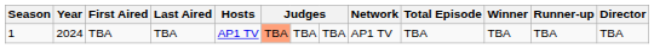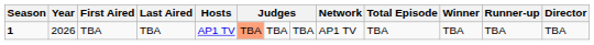 <table class="wikitable">
 <tr>
 <th>Season</th>
 <th>Year</th>
 <th>First Aired</th>
 <th>Last Aired</th>
 <th>Hosts</th>
 <th colspan="3">Judges</th>
 <th>Network</th>
 <th>Total Episode</th>
 <th>Winner</th>
 <th>Runner-up</th>
 <th>Director</th>
 </tr>
 <tr>
-<td>1</td>
-<td>2024</td>
+<td><strong>1</strong></td>
+<td>2026</td>
 <td>TBA</td>
 <td>TBA</td>
 <td><a href='#'>AP1 TV</a></td>
 <td style="background: lightsalmon;">TBA</td>
 <td>TBA</td>
 <td>TBA</td>
 <td>AP1 TV</td>
 <td>TBA</td>
 <td>TBA</td>
 <td>TBA</td>
 <td>TBA</td>
 </tr>
 </table>
